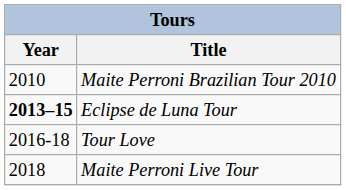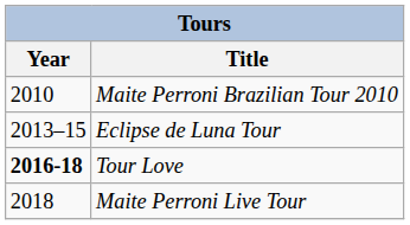 <table class="wikitable" style="font-size: 95%;">
 <tr>
 <th colspan="4" style="background: LightSteelBlue;">Tours</th>
 </tr>
 <tr>
 <th>Year</th>
 <th>Title</th>
 </tr>
 <tr>
 <td>2010</td>
 <td><em>Maite Perroni Brazilian Tour 2010</em></td>
 </tr>
 <tr>
-<td><strong>2013–15</strong></td>
+<td>2013–15</td>
 <td><em>Eclipse de Luna Tour</em></td>
 </tr>
 <tr>
-<td>2016-18</td>
+<td><strong>2016-18</strong></td>
 <td><em>Tour Love</em></td>
 </tr>
 <tr>
 <td>2018</td>
 <td><em>Maite Perroni Live Tour</em></td>
 </tr>
 <tr>
 </tr>
 </table>
